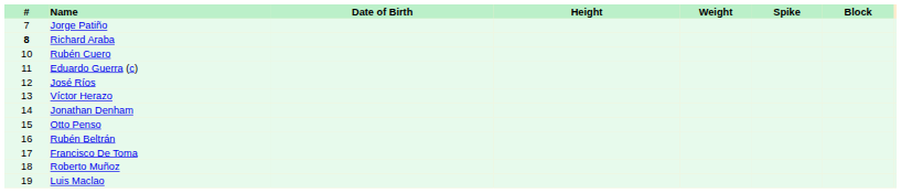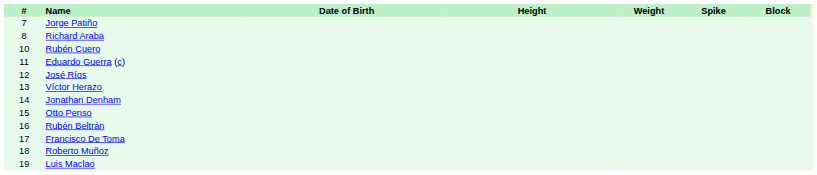 <table border=0 cellpadding=2 cellspacing=0  |- bgcolor=#FFECCE style="text-align:center; font-size:90%;" width=100%>
 <tr bgcolor=#BBF0C9>
 <th width=5%>#</th>
 <th width=25% align=left>Name</th>
 <th width=25%>Date of Birth</th>
 <th width=21%>Height</th>
 <th width=8%>Weight</th>
 <th width=8%>Spike</th>
 <th width=8%>Block</th>
 </tr>
 <tr bgcolor=#E7FAEC>
 <td>7</td>
 <td align=left><a href='#'>Jorge Patiño</a></td>
 <td></td>
 <td></td>
 <td></td>
 <td></td>
 <td></td>
 <td></td>
 </tr>
 <tr bgcolor=#E7FAEC>
-<td><strong>8</strong></td>
+<td>8</td>
 <td align=left><a href='#'>Richard Araba</a></td>
 <td></td>
 <td></td>
 <td></td>
 <td></td>
 <td></td>
 <td></td>
 </tr>
 <tr bgcolor=#E7FAEC>
 <td>10</td>
 <td align=left><a href='#'>Rubén Cuero</a></td>
 <td></td>
 <td></td>
 <td></td>
 <td></td>
 <td></td>
 <td></td>
 </tr>
 <tr bgcolor=#E7FAEC>
 <td>11</td>
 <td align=left><a href='#'>Eduardo Guerra</a> (<a href='#'>c</a>)</td>
 <td></td>
 <td></td>
 <td></td>
 <td></td>
 <td></td>
 <td></td>
 </tr>
 <tr bgcolor=#E7FAEC>
 <td>12</td>
 <td align=left><a href='#'>José Ríos</a></td>
 <td></td>
 <td></td>
 <td></td>
 <td></td>
 <td></td>
 <td></td>
 </tr>
 <tr bgcolor=#E7FAEC>
 <td>13</td>
 <td align=left><a href='#'>Víctor Herazo</a></td>
 <td></td>
 <td></td>
 <td></td>
 <td></td>
 <td></td>
 <td></td>
 </tr>
 <tr bgcolor=#E7FAEC>
 <td>14</td>
 <td align=left><a href='#'>Jonathan Denham</a></td>
 <td></td>
 <td></td>
 <td></td>
 <td></td>
 <td></td>
 <td></td>
 </tr>
 <tr bgcolor=#E7FAEC>
 <td>15</td>
 <td align=left><a href='#'>Otto Penso</a></td>
 <td></td>
 <td></td>
 <td></td>
 <td></td>
 <td></td>
 <td></td>
 </tr>
 <tr bgcolor=#E7FAEC>
 <td>16</td>
 <td align=left><a href='#'>Rubén Beltrán</a></td>
 <td></td>
 <td></td>
 <td></td>
 <td></td>
 <td></td>
 <td></td>
 </tr>
 <tr bgcolor=#E7FAEC>
 <td>17</td>
 <td align=left><a href='#'>Francisco De Toma</a></td>
 <td></td>
 <td></td>
 <td></td>
 <td></td>
 <td></td>
 <td></td>
 </tr>
 <tr bgcolor=#E7FAEC>
 <td>18</td>
 <td align=left><a href='#'>Roberto Muñoz</a></td>
 <td></td>
 <td></td>
 <td></td>
 <td></td>
 <td></td>
 <td></td>
 </tr>
 <tr bgcolor=#E7FAEC>
 <td>19</td>
 <td align=left><a href='#'>Luis Maclao</a></td>
 <td></td>
 <td></td>
 <td></td>
 <td></td>
 <td></td>
 <td></td>
 </tr>
 </table>
